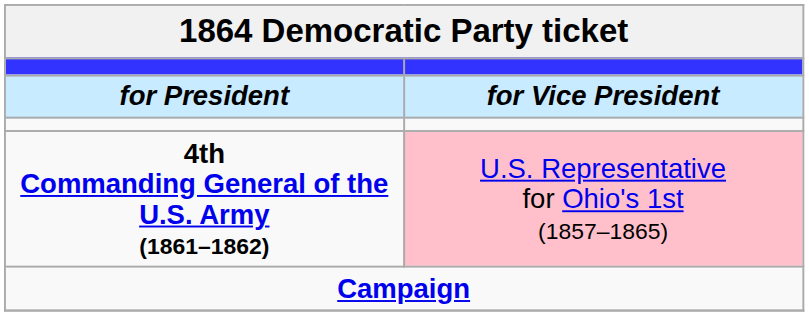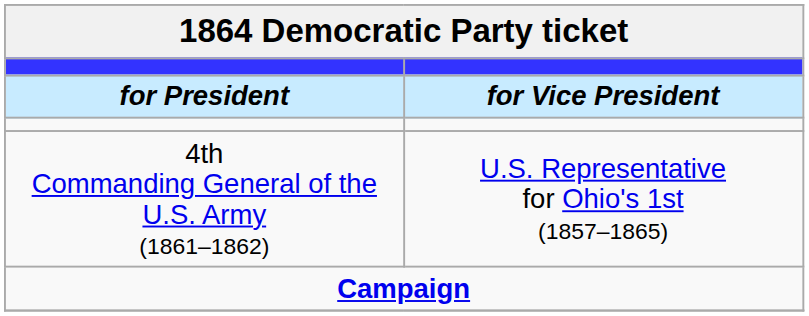 <table class="wikitable" style="font-size:90%; text-align:center;">
 <tr>
 <td style="background:#f1f1f1;" colspan="30"><big><strong>1864 Democratic Party ticket </strong></big></td>
 </tr>
 <tr>
 <th style="width:3em; font-size:135%; background:#3333FF; width:200px;"><a href='#'></a></th>
 <th style="width:3em; font-size:135%; background:#3333FF; width:200px;"><a href='#'></a></th>
 </tr>
 <tr>
 <td style="width:3em; font-size:100%; color:#000; background:#C8EBFF; width:200px;"><strong><em>for President</em></strong></td>
 <td style="width:3em; font-size:100%; color:#000; background:#C8EBFF; width:200px;"><strong><em>for Vice President</em></strong></td>
 </tr>
 <tr>
 <td></td>
 <td></td>
 </tr>
 <tr>
-<td><strong>4th<br><a href='#'>Commanding General of the U.S. Army</a><br><small>(1861–1862)</small></strong></td>
-<td style="background: pink;"><a href='#'>U.S. Representative</a><br>for <a href='#'>Ohio's 1st</a><br><small>(1857–1865)</small></td>
+<td>4th<br><a href='#'>Commanding General of the U.S. Army</a><br><small>(1861–1862)</small></td>
+<td><a href='#'>U.S. Representative</a><br>for <a href='#'>Ohio's 1st</a><br><small>(1857–1865)</small></td>
 </tr>
 <tr>
 <td colspan=2><a href='#'><strong>Campaign</strong></a></td>
 </tr>
 <tr>
 </tr>
 </table>
